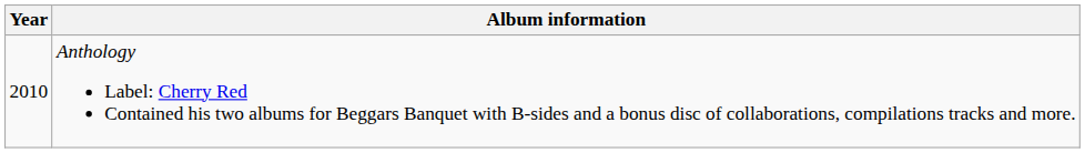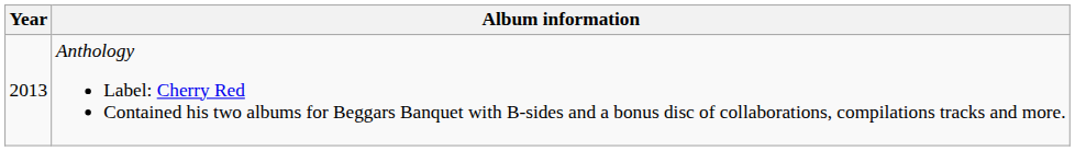 <table class="wikitable">
 <tr>
 <th>Year</th>
 <th>Album information</th>
 </tr>
 <tr>
-<td>2010</td>
+<td>2013</td>
 <td><em>Anthology</em><br><ul><li>Label: <a href='#'>Cherry Red</a></li><li>Contained his two albums for Beggars Banquet with B-sides and a bonus disc of collaborations, compilations tracks and more.</li></ul></td>
 </tr>
 </table>
